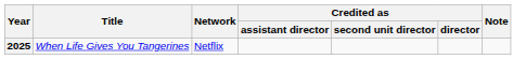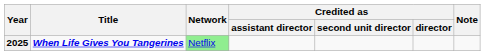 <table class="wikitable plainrowheaders">
 <tr>
 <th rowspan="2">Year</th>
 <th rowspan="2">Title</th>
 <th rowspan="2">Network</th>
 <th colspan="3">Credited as</th>
 <th rowspan="2">Note</th>
 </tr>
 <tr>
 <th>assistant director</th>
 <th>second unit director</th>
 <th>director</th>
 </tr>
 <tr>
 <th scope="row">2025</th>
-<td><em><a href='#'>When Life Gives You Tangerines</a></em></td>
-<td><a href='#'>Netflix</a></td>
+<td><strong><em><a href='#'>When Life Gives You Tangerines</a></em></strong></td>
+<td style="background: lightgreen;"><a href='#'>Netflix</a></td>
 <td></td>
 <td></td>
 <td></td>
 <td></td>
 </tr>
 </table>
